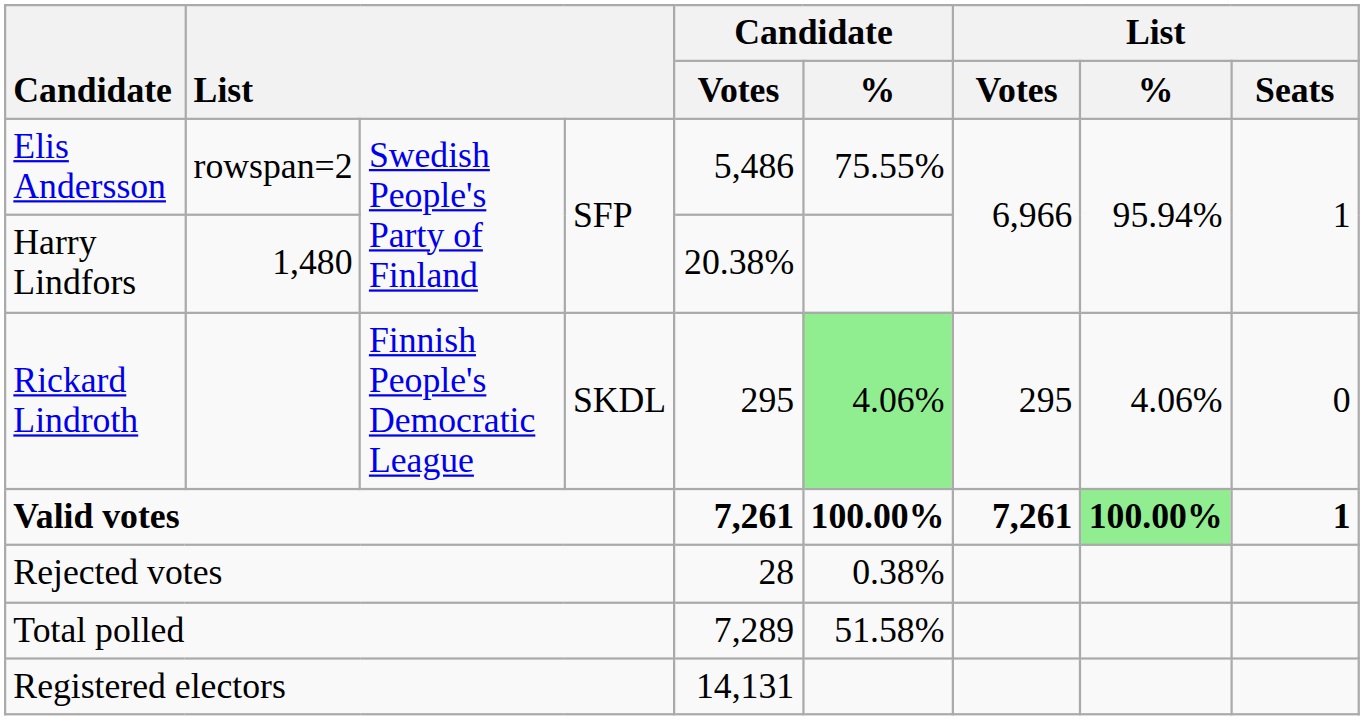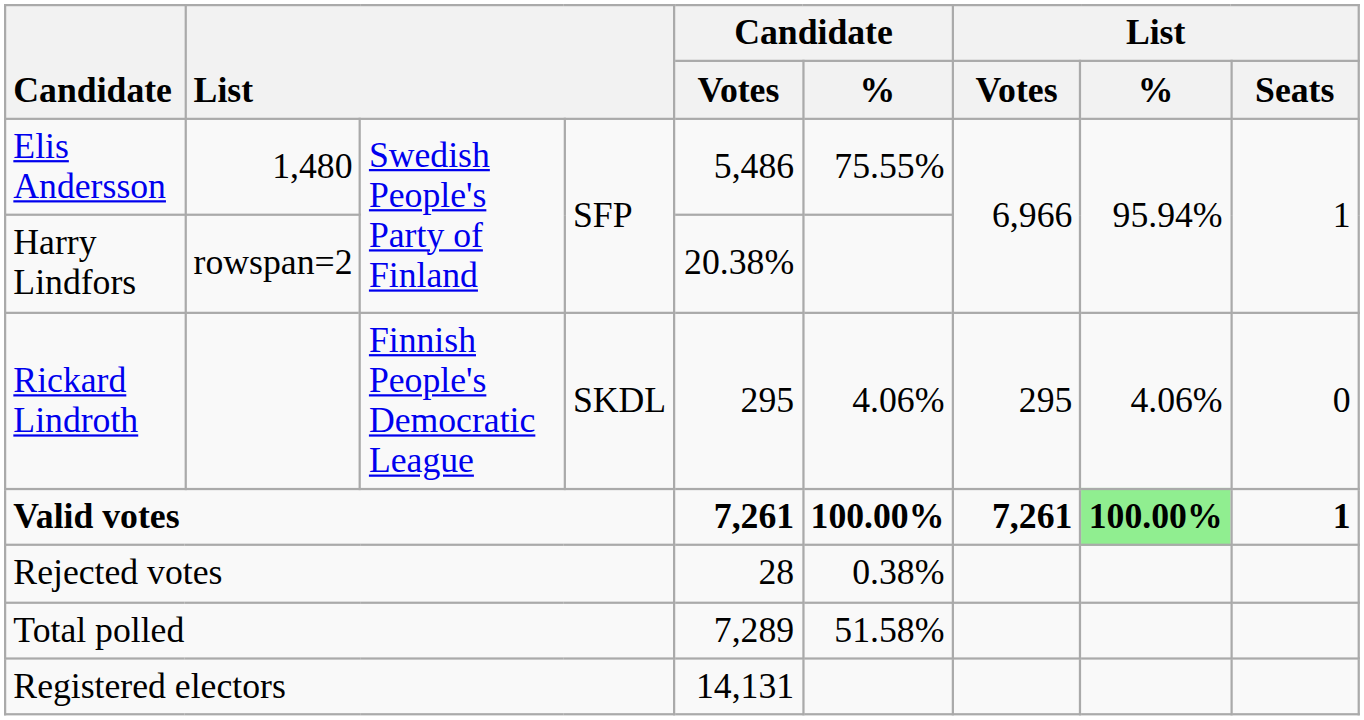 <table class="wikitable" border="1" style="text-align:right;">
 <tr>
 <th ! style="text-align:left;" valign=bottom rowspan=2>Candidate</th>
 <th style="text-align:left;" valign=bottom rowspan=2 colspan=3>List</th>
 <th colspan=2>Candidate</th>
 <th colspan=3>List</th>
 </tr>
 <tr>
 <th align=center valign=bottom width="50">Votes</th>
 <th align=center valign=bottom width="50">%</th>
 <th align=center valign=bottom width="50">Votes</th>
 <th align=center valign=bottom width="50">%</th>
 <th align=center valign=bottom width="50">Seats</th>
 </tr>
 <tr>
 <td align=left><a href='#'>Elis Andersson</a></td>
-<td>rowspan=2 </td>
+<td>1,480</td>
 <td rowspan=2 align=left><a href='#'>Swedish People's Party of Finland</a></td>
 <td rowspan=2 align=left>SFP</td>
 <td>5,486</td>
 <td>75.55%</td>
 <td rowspan=2>6,966</td>
 <td rowspan=2>95.94%</td>
 <td rowspan=2>1</td>
 </tr>
 <tr>
 <td align=left>Harry Lindfors</td>
-<td>1,480</td>
+<td>rowspan=2 </td>
 <td>20.38%</td>
 </tr>
 <tr>
 <td align=left><a href='#'>Rickard Lindroth</a></td>
 <td></td>
 <td align=left><a href='#'>Finnish People's Democratic League</a></td>
 <td align=left>SKDL</td>
 <td>295</td>
-<td style="background: lightgreen;">4.06%</td>
+<td>4.06%</td>
 <td>295</td>
 <td>4.06%</td>
 <td>0</td>
 </tr>
 <tr style="font-weight:bold">
 <td align=left colspan=4>Valid votes</td>
 <td>7,261</td>
 <td>100.00%</td>
 <td>7,261</td>
 <td style="background: lightgreen;">100.00%</td>
 <td>1</td>
 </tr>
 <tr>
 <td align=left colspan=4>Rejected votes</td>
 <td>28</td>
 <td>0.38%</td>
 <td></td>
 <td></td>
 <td></td>
 </tr>
 <tr>
 <td align=left colspan=4>Total polled</td>
 <td>7,289</td>
 <td>51.58%</td>
 <td></td>
 <td></td>
 <td></td>
 </tr>
 <tr>
 <td align=left colspan=4>Registered electors</td>
 <td>14,131</td>
 <td></td>
 <td></td>
 <td></td>
 <td></td>
 </tr>
 </table>
